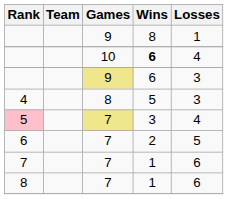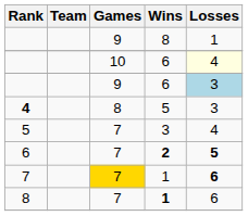 <table class="wikitable" style="text-align:center">
 <tr>
 <th>Rank</th>
 <th>Team</th>
 <th>Games</th>
 <th>Wins</th>
 <th>Losses</th>
 </tr>
 <tr>
 <td></td>
 <td></td>
 <td>9</td>
 <td>8</td>
 <td>1</td>
 </tr>
 <tr>
 </tr>
 <tr>
 <td></td>
 <td align=left></td>
 <td>10</td>
-<td><strong>6</strong></td>
-<td>4</td>
+<td>6</td>
+<td style="background: lightyellow;">4</td>
 </tr>
 <tr>
 </tr>
 <tr>
 <td></td>
 <td align=left></td>
-<td style="background: khaki;">9</td>
+<td>9</td>
 <td>6</td>
-<td>3</td>
+<td style="background: lightblue;">3</td>
 </tr>
 <tr>
-<td>4</td>
+<td><strong>4</strong></td>
 <td align=left></td>
 <td>8</td>
 <td>5</td>
 <td>3</td>
 </tr>
 <tr>
-<td style="background: pink;">5</td>
+<td>5</td>
 <td align=left></td>
-<td style="background: khaki;">7</td>
+<td>7</td>
 <td>3</td>
 <td>4</td>
 </tr>
 <tr>
 <td>6</td>
 <td align=left></td>
 <td>7</td>
-<td>2</td>
-<td>5</td>
+<td><strong>2</strong></td>
+<td><strong>5</strong></td>
 </tr>
 <tr>
 <td>7</td>
 <td align=left></td>
-<td>7</td>
+<td style="background: gold;">7</td>
 <td>1</td>
-<td>6</td>
+<td><strong>6</strong></td>
 </tr>
 <tr>
 <td>8</td>
 <td align=left></td>
 <td>7</td>
-<td>1</td>
+<td><strong>1</strong></td>
 <td>6</td>
 </tr>
 <tr>
 </tr>
 </table>
